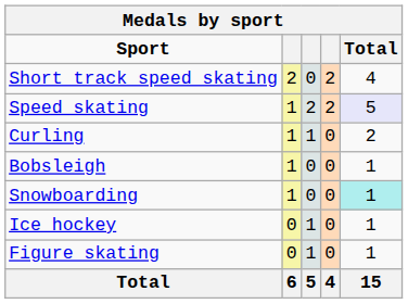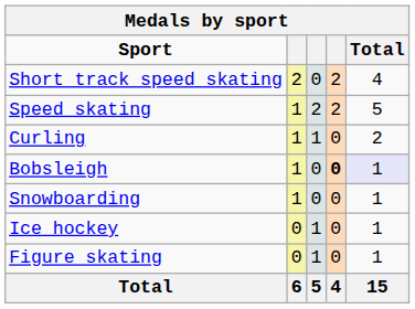 <table class="wikitable" border="1"  style="float:right">
 <tr>
 <th colspan=5>Medals by sport</th>
 </tr>
 <tr align=center>
 <td><strong>Sport</strong></td>
 <th bgcolor=#f7f6a8></th>
 <th bgcolor=#dce5e5></th>
 <th bgcolor=#ffdab9></th>
 <th>Total</th>
 </tr>
 <tr align=center>
 <td align=left><a href='#'>Short track speed skating</a></td>
 <td bgcolor=#f7f6a8>2</td>
 <td bgcolor=#dce5e5>0</td>
 <td bgcolor=#ffdab9>2</td>
 <td>4</td>
 </tr>
 <tr align=center>
 <td align=left><a href='#'>Speed skating</a></td>
 <td bgcolor=#f7f6a8>1</td>
 <td bgcolor=#dce5e5>2</td>
 <td bgcolor=#ffdab9>2</td>
-<td style="background: lavender;">5</td>
+<td>5</td>
 </tr>
 <tr align=center>
 <td align=left><a href='#'>Curling</a></td>
 <td bgcolor=#f7f6a8>1</td>
 <td bgcolor=#dce5e5>1</td>
 <td bgcolor=#ffdab9>0</td>
 <td>2</td>
 </tr>
 <tr align=center>
 <td align=left><a href='#'>Bobsleigh</a></td>
 <td bgcolor=#f7f6a8>1</td>
 <td bgcolor=#dce5e5>0</td>
-<td bgcolor=#ffdab9>0</td>
-<td>1</td>
+<td bgcolor=#ffdab9><strong>0</strong></td>
+<td style="background: lavender;">1</td>
 </tr>
 <tr align=center>
 <td align=left><a href='#'>Snowboarding</a></td>
 <td bgcolor=#f7f6a8>1</td>
 <td bgcolor=#dce5e5>0</td>
 <td bgcolor=#ffdab9>0</td>
-<td style="background: paleturquoise;">1</td>
+<td>1</td>
 </tr>
 <tr align=center>
 <td align=left><a href='#'>Ice hockey</a></td>
 <td bgcolor=#f7f6a8>0</td>
 <td bgcolor=#dce5e5>1</td>
 <td bgcolor=#ffdab9>0</td>
 <td>1</td>
 </tr>
 <tr align=center>
 <td align=left><a href='#'>Figure skating</a></td>
 <td bgcolor=#f7f6a8>0</td>
 <td bgcolor=#dce5e5>1</td>
 <td bgcolor=#ffdab9>0</td>
 <td>1</td>
 </tr>
 <tr align=center>
 <th bgcolor=#efefef>Total</th>
 <th bgcolor=#f7f6a8>6</th>
 <th bgcolor=#dce5e5>5</th>
 <th bgcolor=#ffdab9>4</th>
 <th>15</th>
 </tr>
 </table>
